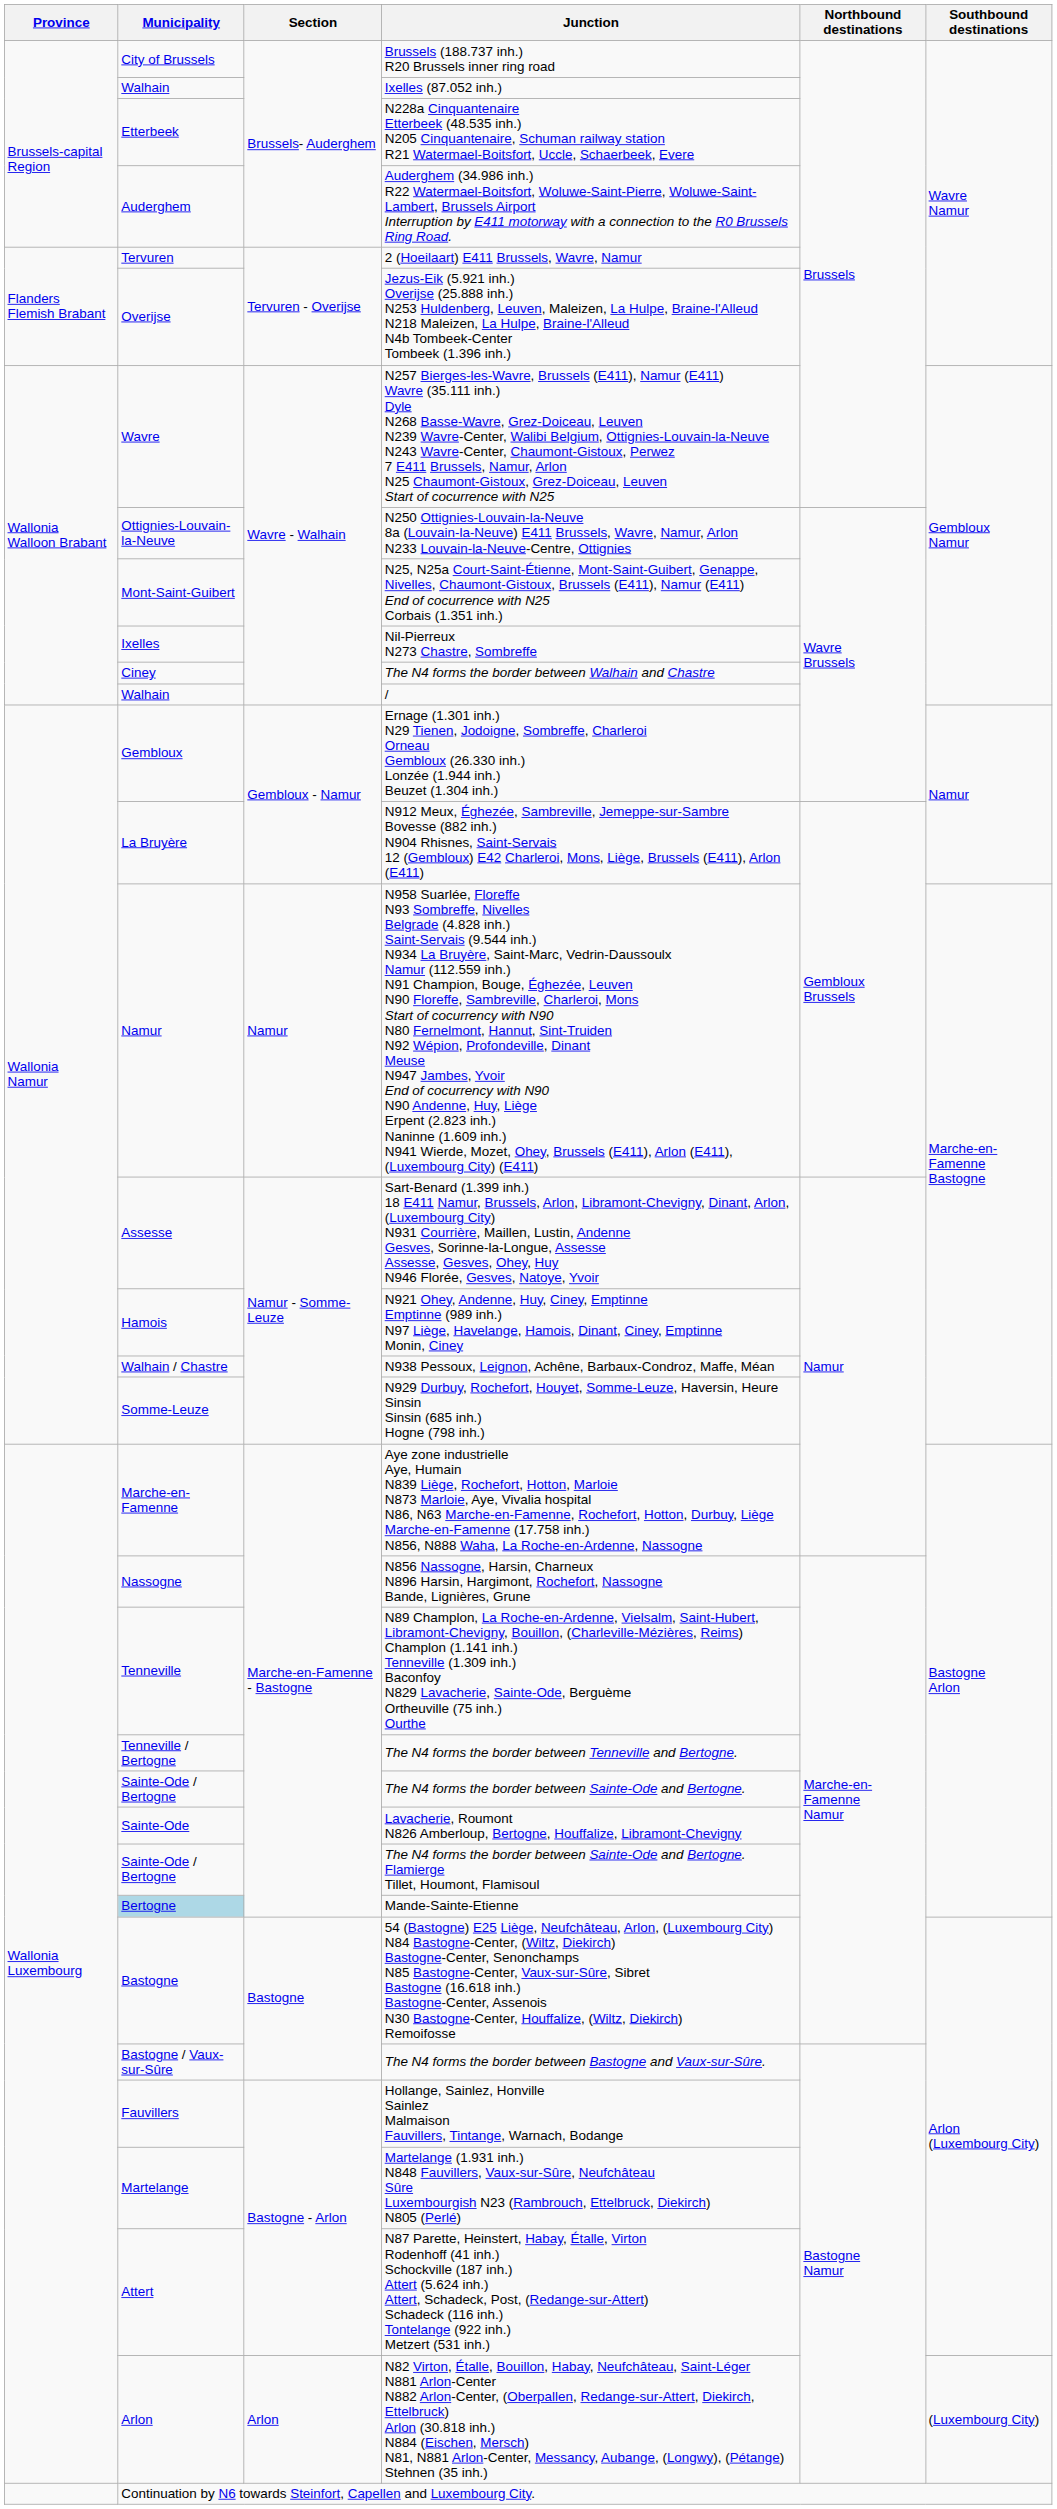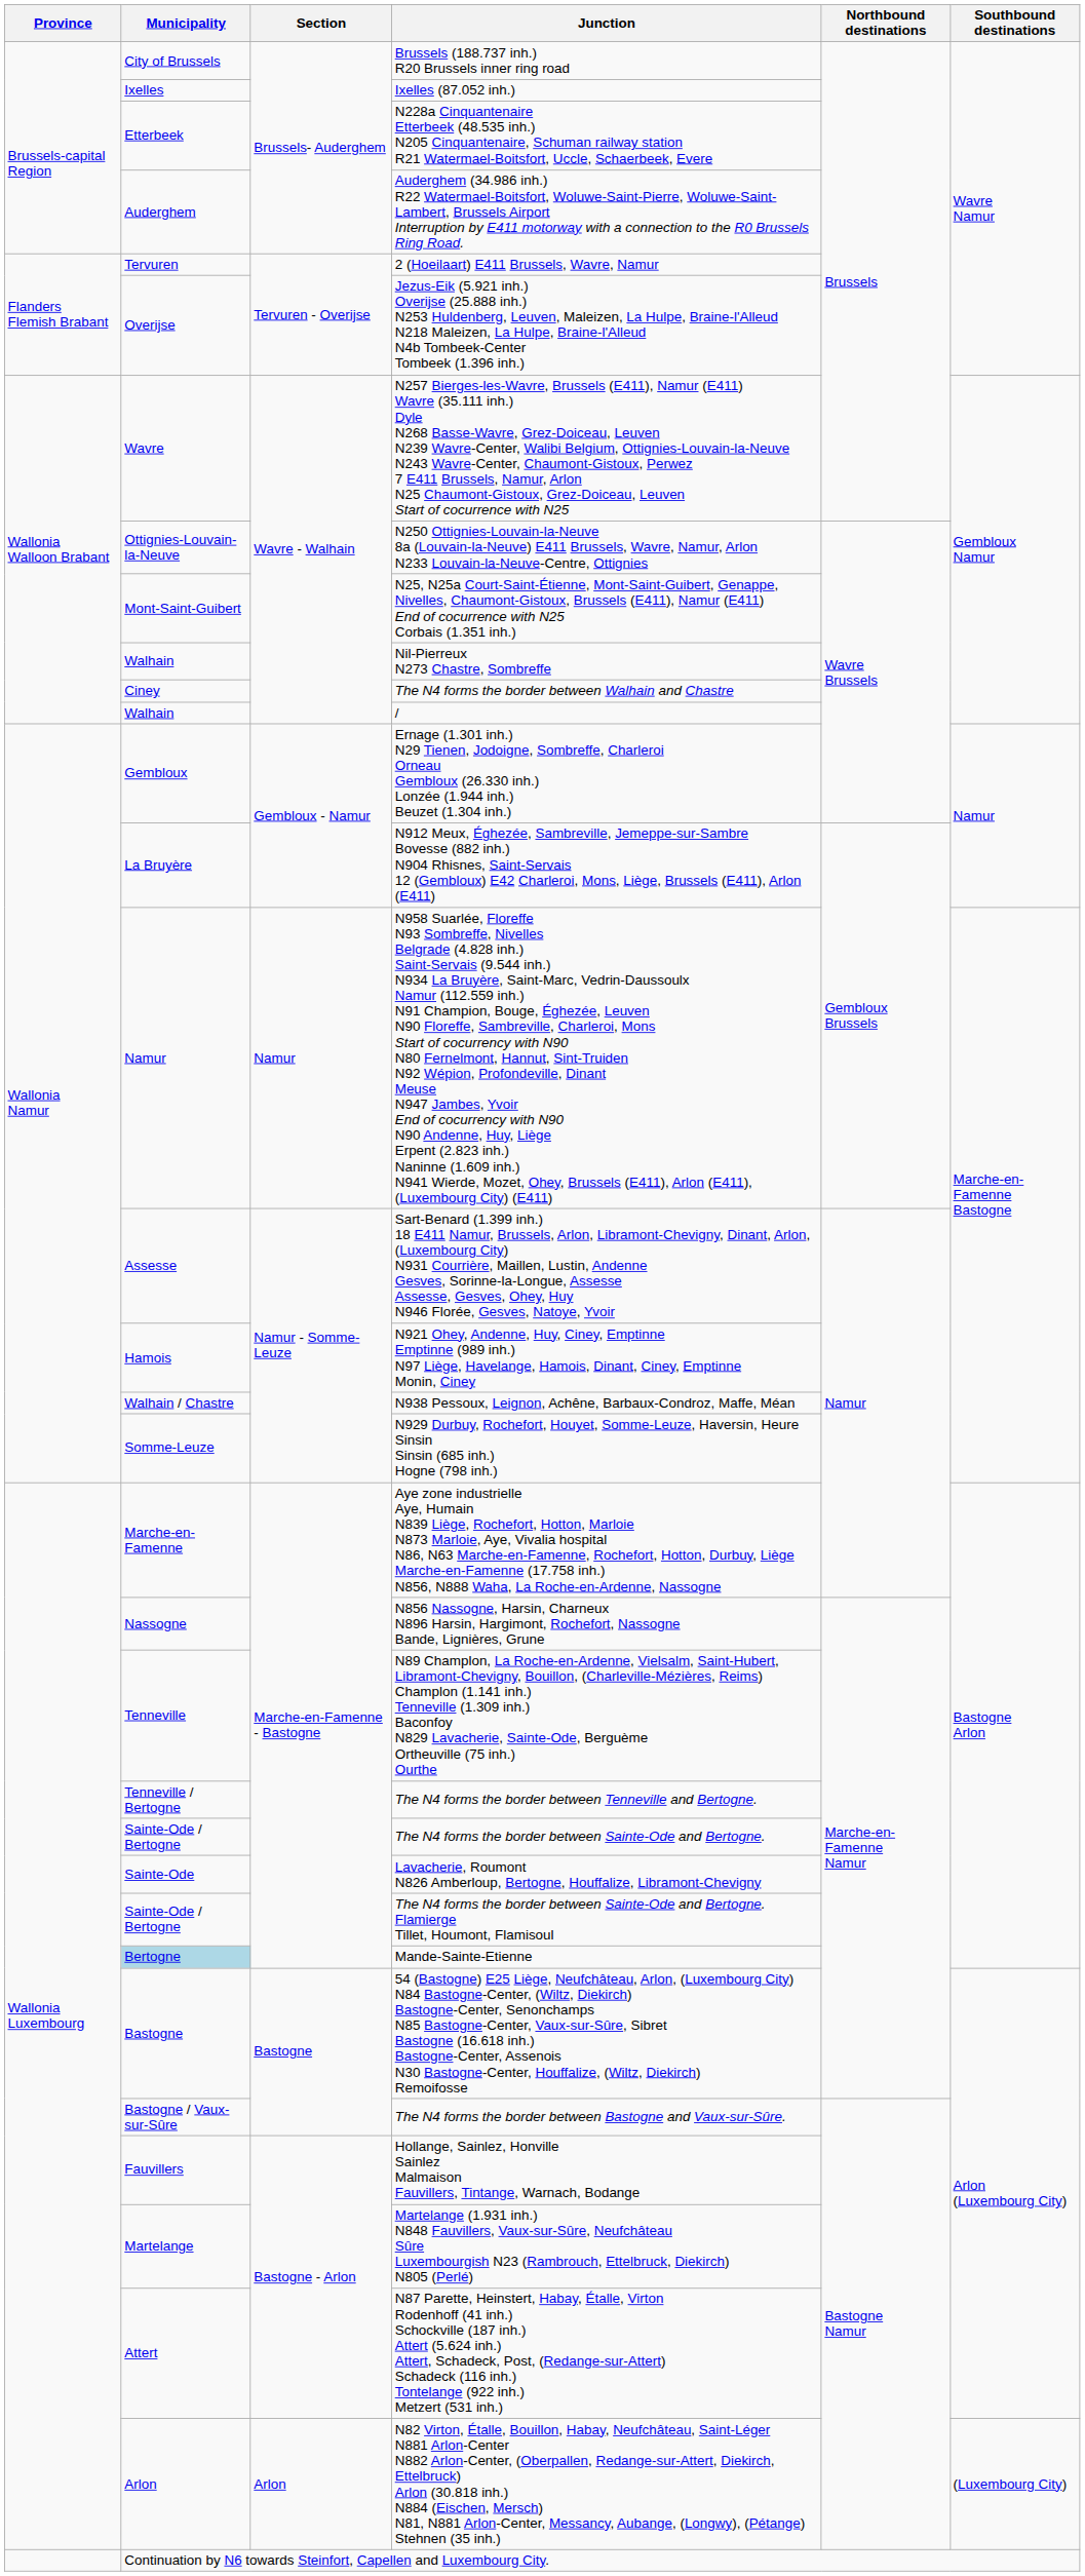 <table class="wikitable">
 <tr>
 <th><a href='#'>Province</a></th>
 <th><a href='#'>Municipality</a></th>
 <th>Section</th>
 <th>Junction</th>
 <th>Northbound destinations</th>
 <th>Southbound destinations</th>
 </tr>
 <tr>
 <td rowspan="4"><br><br><a href='#'>Brussels-capital Region</a></td>
 <td><a href='#'>City of Brussels</a></td>
 <td rowspan="4"><a href='#'>Brussels</a>- <a href='#'>Auderghem</a></td>
 <td> <a href='#'>Brussels</a>  (188.737 inh.)<br> R20 Brussels inner ring road</td>
 <td rowspan="7"><a href='#'>Brussels</a></td>
 <td rowspan="6"><a href='#'>Wavre</a><br><a href='#'>Namur</a></td>
 </tr>
 <tr>
-<td><a href='#'>Walhain</a></td>
+<td><a href='#'>Ixelles</a></td>
 <td> <a href='#'>Ixelles</a> (87.052 inh.)</td>
 </tr>
 <tr>
 <td><a href='#'>Etterbeek</a></td>
 <td> N228a <a href='#'>Cinquantenaire</a><br> <a href='#'>Etterbeek</a> (48.535 inh.)<br> N205 <a href='#'>Cinquantenaire</a>, <a href='#'>Schuman railway station</a><br> R21 <a href='#'>Watermael-Boitsfort</a>, <a href='#'>Uccle</a>, <a href='#'>Schaerbeek</a>, <a href='#'>Evere</a></td>
 </tr>
 <tr>
 <td><a href='#'>Auderghem</a></td>
 <td> <a href='#'>Auderghem</a> (34.986 inh.)<br> R22 <a href='#'>Watermael-Boitsfort</a>, <a href='#'>Woluwe-Saint-Pierre</a>, <a href='#'>Woluwe-Saint-Lambert</a>, <a href='#'>Brussels Airport</a><br><em>Interruption by <a href='#'>E411 motorway</a> with a connection to the <a href='#'>R0 Brussels Ring Road</a>.</em></td>
 </tr>
 <tr>
 <td rowspan="2"><a href='#'>Flanders</a><br><a href='#'>Flemish Brabant</a></td>
 <td><a href='#'>Tervuren</a></td>
 <td rowspan="2"><a href='#'>Tervuren</a> - <a href='#'>Overijse</a></td>
 <td> 2 (<a href='#'>Hoeilaart</a>) <a href='#'>E411</a> <a href='#'>Brussels</a>, <a href='#'>Wavre</a>, <a href='#'>Namur</a></td>
 </tr>
 <tr>
 <td><a href='#'>Overijse</a></td>
 <td> <a href='#'>Jezus-Eik</a> (5.921 inh.)<br> <a href='#'>Overijse</a> (25.888 inh.)<br> N253 <a href='#'>Huldenberg</a>, <a href='#'>Leuven</a>, Maleizen, <a href='#'>La Hulpe</a>, <a href='#'>Braine-l'Alleud</a><br> N218 Maleizen, <a href='#'>La Hulpe</a>, <a href='#'>Braine-l'Alleud</a><br> N4b Tombeek-Center<br> Tombeek (1.396 inh.)</td>
 </tr>
 <tr>
 <td rowspan="6"><a href='#'>Wallonia</a><br><a href='#'>Walloon Brabant</a></td>
 <td><a href='#'>Wavre</a></td>
 <td rowspan="6"><a href='#'>Wavre</a> - <a href='#'>Walhain</a></td>
 <td> N257 <a href='#'>Bierges-les-Wavre</a>, <a href='#'>Brussels</a> (<a href='#'>E411</a>), <a href='#'>Namur</a> (<a href='#'>E411</a>)<br> <a href='#'>Wavre</a> (35.111 inh.)<br> <a href='#'>Dyle</a><br> N268 <a href='#'>Basse-Wavre</a>, <a href='#'>Grez-Doiceau</a>, <a href='#'>Leuven</a><br> N239 <a href='#'>Wavre</a>-Center, <a href='#'>Walibi Belgium</a>, <a href='#'>Ottignies-Louvain-la-Neuve</a><br> N243 <a href='#'>Wavre</a>-Center, <a href='#'>Chaumont-Gistoux</a>, <a href='#'>Perwez</a><br> 7 <a href='#'>E411</a> <a href='#'>Brussels</a>, <a href='#'>Namur</a>, <a href='#'>Arlon</a><br> N25 <a href='#'>Chaumont-Gistoux</a>, <a href='#'>Grez-Doiceau</a>, <a href='#'>Leuven</a><br><em>Start of cocurrence with N25</em></td>
 <td rowspan="6"><a href='#'>Gembloux</a><br><a href='#'>Namur</a></td>
 </tr>
 <tr>
 <td><a href='#'>Ottignies-Louvain-la-Neuve</a></td>
 <td> N250 <a href='#'>Ottignies-Louvain-la-Neuve</a><br> 8a (<a href='#'>Louvain-la-Neuve</a>) <a href='#'>E411</a> <a href='#'>Brussels</a>, <a href='#'>Wavre</a>, <a href='#'>Namur</a>, <a href='#'>Arlon</a><br> N233 <a href='#'>Louvain-la-Neuve</a>-Centre, <a href='#'>Ottignies</a></td>
 <td rowspan="6"><a href='#'>Wavre</a><br><a href='#'>Brussels</a></td>
 </tr>
 <tr>
 <td><a href='#'>Mont-Saint-Guibert</a></td>
 <td> N25, N25a <a href='#'>Court-Saint-Étienne</a>, <a href='#'>Mont-Saint-Guibert</a>, <a href='#'>Genappe</a>, <a href='#'>Nivelles</a>, <a href='#'>Chaumont-Gistoux</a>, <a href='#'>Brussels</a> (<a href='#'>E411</a>), <a href='#'>Namur</a> (<a href='#'>E411</a>)<br><em>End of cocurrence with N25</em><br> Corbais (1.351 inh.)</td>
 </tr>
 <tr>
-<td><a href='#'>Ixelles</a></td>
+<td><a href='#'>Walhain</a></td>
 <td> Nil-Pierreux<br> N273 <a href='#'>Chastre</a>, <a href='#'>Sombreffe</a></td>
 </tr>
 <tr>
 <td><a href='#'>Ciney</a></td>
 <td><em>The N4 forms the border between <a href='#'>Walhain</a> and <a href='#'>Chastre</a></em></td>
 </tr>
 <tr>
 <td><a href='#'>Walhain</a></td>
 <td>/</td>
 </tr>
 <tr>
 <td rowspan="7"><a href='#'>Wallonia</a><br><a href='#'>Namur</a></td>
 <td><a href='#'>Gembloux</a></td>
 <td rowspan="2"><a href='#'>Gembloux</a> - <a href='#'>Namur</a></td>
 <td> Ernage (1.301 inh.)<br> N29 <a href='#'>Tienen</a>, <a href='#'>Jodoigne</a>, <a href='#'>Sombreffe</a>, <a href='#'>Charleroi</a><br> <a href='#'>Orneau</a><br> <a href='#'>Gembloux</a> (26.330 inh.)<br> Lonzée (1.944 inh.)<br> Beuzet (1.304 inh.)</td>
 <td rowspan="2"><a href='#'>Namur</a></td>
 </tr>
 <tr>
 <td><a href='#'>La Bruyère</a></td>
 <td> N912 Meux, <a href='#'>Éghezée</a>, <a href='#'>Sambreville</a>, <a href='#'>Jemeppe-sur-Sambre</a><br> Bovesse (882 inh.)<br> N904 Rhisnes, <a href='#'>Saint-Servais</a><br> 12 (<a href='#'>Gembloux</a>) <a href='#'>E42</a> <a href='#'>Charleroi</a>, <a href='#'>Mons</a>, <a href='#'>Liège</a>, <a href='#'>Brussels</a> (<a href='#'>E411</a>), <a href='#'>Arlon</a> (<a href='#'>E411</a>)</td>
 <td rowspan="2"><a href='#'>Gembloux</a><br><a href='#'>Brussels</a></td>
 </tr>
 <tr>
 <td><a href='#'>Namur</a></td>
 <td><a href='#'>Namur</a></td>
 <td> N958 Suarlée, <a href='#'>Floreffe</a><br> N93 <a href='#'>Sombreffe</a>, <a href='#'>Nivelles</a><br> <a href='#'>Belgrade</a> (4.828 inh.)<br> <a href='#'>Saint-Servais</a> (9.544 inh.)<br> N934 <a href='#'>La Bruyère</a>, Saint-Marc, Vedrin-Daussoulx<br> <a href='#'>Namur</a> (112.559 inh.)<br> N91 Champion, Bouge, <a href='#'>Éghezée</a>, <a href='#'>Leuven</a><br> N90 <a href='#'>Floreffe</a>, <a href='#'>Sambreville</a>, <a href='#'>Charleroi</a>, <a href='#'>Mons</a><br><em>Start of cocurrency with N90</em><br> N80 <a href='#'>Fernelmont</a>, <a href='#'>Hannut</a>, <a href='#'>Sint-Truiden</a><br> N92 <a href='#'>Wépion</a>, <a href='#'>Profondeville</a>, <a href='#'>Dinant</a><br> <a href='#'>Meuse</a><br> N947 <a href='#'>Jambes</a>, <a href='#'>Yvoir</a><br><em>End of cocurrency with N90</em><br> N90 <a href='#'>Andenne</a>, <a href='#'>Huy</a>, <a href='#'>Liège</a><br> Erpent (2.823 inh.)<br> Naninne (1.609 inh.)<br> N941 Wierde, Mozet, <a href='#'>Ohey</a>, <a href='#'>Brussels</a> (<a href='#'>E411</a>), <a href='#'>Arlon</a> (<a href='#'>E411</a>),  (<a href='#'>Luxembourg City</a>) (<a href='#'>E411</a>)</td>
 <td rowspan="5"><a href='#'>Marche-en-Famenne</a><br><a href='#'>Bastogne</a></td>
 </tr>
 <tr>
 <td><a href='#'>Assesse</a></td>
 <td rowspan="4"><a href='#'>Namur</a> - <a href='#'>Somme-Leuze</a></td>
 <td> Sart-Benard (1.399 inh.)<br> 18 <a href='#'>E411</a> <a href='#'>Namur</a>, <a href='#'>Brussels</a>, <a href='#'>Arlon</a>, <a href='#'>Libramont-Chevigny</a>, <a href='#'>Dinant</a>, <a href='#'>Arlon</a>, (<a href='#'>Luxembourg City</a>)<br> N931 <a href='#'>Courrière</a>, Maillen, Lustin, <a href='#'>Andenne</a><br> <a href='#'>Gesves</a>, Sorinne-la-Longue, <a href='#'>Assesse</a><br> <a href='#'>Assesse</a>, <a href='#'>Gesves</a>, <a href='#'>Ohey</a>, <a href='#'>Huy</a><br> N946 Florée, <a href='#'>Gesves</a>, <a href='#'>Natoye</a>, <a href='#'>Yvoir</a></td>
 <td rowspan="5"><a href='#'>Namur</a></td>
 </tr>
 <tr>
 <td><a href='#'>Hamois</a></td>
 <td> N921 <a href='#'>Ohey</a>, <a href='#'>Andenne</a>, <a href='#'>Huy</a>, <a href='#'>Ciney</a>, <a href='#'>Emptinne</a><br> <a href='#'>Emptinne</a> (989 inh.)<br> N97 <a href='#'>Liège</a>, <a href='#'>Havelange</a>, <a href='#'>Hamois</a>, <a href='#'>Dinant</a>, <a href='#'>Ciney</a>, <a href='#'>Emptinne</a><br> Monin, <a href='#'>Ciney</a></td>
 </tr>
 <tr>
 <td><a href='#'>Walhain</a> / <a href='#'>Chastre</a></td>
 <td> N938 Pessoux, <a href='#'>Leignon</a>, Achêne, Barbaux-Condroz, Maffe, Méan</td>
 </tr>
 <tr>
 <td><a href='#'>Somme-Leuze</a></td>
 <td> N929 <a href='#'>Durbuy</a>, <a href='#'>Rochefort</a>, <a href='#'>Houyet</a>, <a href='#'>Somme-Leuze</a>, Haversin, Heure<br> Sinsin<br> Sinsin (685 inh.)<br> Hogne (798 inh.)</td>
 </tr>
 <tr>
 <td rowspan="14"><a href='#'>Wallonia</a><br><a href='#'>Luxembourg</a></td>
 <td><a href='#'>Marche-en-Famenne</a></td>
 <td rowspan="8"><a href='#'>Marche-en-Famenne</a> - <a href='#'>Bastogne</a></td>
 <td> Aye zone industrielle<br> Aye, Humain<br> N839 <a href='#'>Liège</a>, <a href='#'>Rochefort</a>, <a href='#'>Hotton</a>, <a href='#'>Marloie</a><br> N873 <a href='#'>Marloie</a>, Aye, Vivalia hospital<br> N86, N63 <a href='#'>Marche-en-Famenne</a>, <a href='#'>Rochefort</a>, <a href='#'>Hotton</a>, <a href='#'>Durbuy</a>, <a href='#'>Liège</a><br> <a href='#'>Marche-en-Famenne</a> (17.758 inh.)<br> N856, N888 <a href='#'>Waha</a>, <a href='#'>La Roche-en-Ardenne</a>, <a href='#'>Nassogne</a></td>
 <td rowspan="8"><a href='#'>Bastogne</a><br><a href='#'>Arlon</a></td>
 </tr>
 <tr>
 <td><a href='#'>Nassogne</a></td>
 <td> N856 <a href='#'>Nassogne</a>, Harsin, Charneux<br> N896 Harsin, Hargimont, <a href='#'>Rochefort</a>, <a href='#'>Nassogne</a><br> Bande, Lignières, Grune</td>
 <td rowspan="8"><a href='#'>Marche-en-Famenne</a><br><a href='#'>Namur</a></td>
 </tr>
 <tr>
 <td><a href='#'>Tenneville</a></td>
 <td> N89 Champlon, <a href='#'>La Roche-en-Ardenne</a>, <a href='#'>Vielsalm</a>, <a href='#'>Saint-Hubert</a>, <a href='#'>Libramont-Chevigny</a>, <a href='#'>Bouillon</a>, (<a href='#'>Charleville-Mézières</a>, <a href='#'>Reims</a>)<br> Champlon (1.141 inh.)<br> <a href='#'>Tenneville</a> (1.309 inh.)<br> Baconfoy<br> N829 <a href='#'>Lavacherie</a>, <a href='#'>Sainte-Ode</a>, Berguème<br> Ortheuville (75 inh.)<br> <a href='#'>Ourthe</a></td>
 </tr>
 <tr>
 <td><a href='#'>Tenneville</a> / <a href='#'>Bertogne</a></td>
 <td><em>The N4 forms the border between <a href='#'>Tenneville</a> and <a href='#'>Bertogne</a>.</em></td>
 </tr>
 <tr>
 <td><a href='#'>Sainte-Ode</a> / <a href='#'>Bertogne</a></td>
 <td><em>The N4 forms the border between <a href='#'>Sainte-Ode</a> and <a href='#'>Bertogne</a>.</em></td>
 </tr>
 <tr>
 <td><a href='#'>Sainte-Ode</a></td>
 <td> <a href='#'>Lavacherie</a>, Roumont<br> N826 Amberloup, <a href='#'>Bertogne</a>, <a href='#'>Houffalize</a>, <a href='#'>Libramont-Chevigny</a></td>
 </tr>
 <tr>
 <td><a href='#'>Sainte-Ode</a> / <a href='#'>Bertogne</a></td>
 <td><em>The N4 forms the border between <a href='#'>Sainte-Ode</a> and <a href='#'>Bertogne</a>.</em><br> <a href='#'>Flamierge</a><br> Tillet, Houmont, Flamisoul</td>
 </tr>
 <tr>
 <td style="background: lightblue;"><a href='#'>Bertogne</a></td>
 <td> Mande-Sainte-Etienne</td>
 </tr>
 <tr>
 <td><a href='#'>Bastogne</a></td>
 <td rowspan="2"><a href='#'>Bastogne</a></td>
 <td> 54 (<a href='#'>Bastogne</a>) <a href='#'>E25</a> <a href='#'>Liège</a>, <a href='#'>Neufchâteau</a>, <a href='#'>Arlon</a>,  (<a href='#'>Luxembourg City</a>)<br> N84 <a href='#'>Bastogne</a>-Center,  (<a href='#'>Wiltz</a>, <a href='#'>Diekirch</a>)<br> <a href='#'>Bastogne</a>-Center, Senonchamps<br> N85 <a href='#'>Bastogne</a>-Center, <a href='#'>Vaux-sur-Sûre</a>, Sibret<br> <a href='#'>Bastogne</a> (16.618 inh.)<br> <a href='#'>Bastogne</a>-Center, Assenois<br> N30 <a href='#'>Bastogne</a>-Center, <a href='#'>Houffalize</a>,  (<a href='#'>Wiltz</a>, <a href='#'>Diekirch</a>)<br> Remoifosse</td>
 <td rowspan="5"><a href='#'>Arlon</a><br> (<a href='#'>Luxembourg City</a>)</td>
 </tr>
 <tr>
 <td><a href='#'>Bastogne</a> / <a href='#'>Vaux-sur-Sûre</a></td>
 <td><em>The N4 forms the border between <a href='#'>Bastogne</a> and <a href='#'>Vaux-sur-Sûre</a>.</em></td>
 <td rowspan="5"><a href='#'>Bastogne</a><br><a href='#'>Namur</a></td>
 </tr>
 <tr>
 <td><a href='#'>Fauvillers</a></td>
 <td rowspan="3"><a href='#'>Bastogne</a> - <a href='#'>Arlon</a></td>
 <td> Hollange, Sainlez, Honville<br> Sainlez<br> Malmaison<br> <a href='#'>Fauvillers</a>, <a href='#'>Tintange</a>, Warnach, Bodange</td>
 </tr>
 <tr>
 <td><a href='#'>Martelange</a></td>
 <td> <a href='#'>Martelange</a> (1.931 inh.)<br> N848 <a href='#'>Fauvillers</a>, <a href='#'>Vaux-sur-Sûre</a>, <a href='#'>Neufchâteau</a><br> <a href='#'>Sûre</a><br> <a href='#'>Luxembourgish</a> N23  (<a href='#'>Rambrouch</a>, <a href='#'>Ettelbruck</a>, <a href='#'>Diekirch</a>)<br> N805  (<a href='#'>Perlé</a>)</td>
 </tr>
 <tr>
 <td><a href='#'>Attert</a></td>
 <td> N87 Parette, Heinstert, <a href='#'>Habay</a>, <a href='#'>Étalle</a>, <a href='#'>Virton</a><br> Rodenhoff (41 inh.)<br> Schockville (187 inh.)<br> <a href='#'>Attert</a> (5.624 inh.)<br> <a href='#'>Attert</a>, Schadeck, Post,  (<a href='#'>Redange-sur-Attert</a>)<br> Schadeck (116 inh.)<br> <a href='#'>Tontelange</a> (922 inh.)<br> Metzert (531 inh.)</td>
 </tr>
 <tr>
 <td><a href='#'>Arlon</a></td>
 <td><a href='#'>Arlon</a></td>
 <td> N82 <a href='#'>Virton</a>, <a href='#'>Étalle</a>, <a href='#'>Bouillon</a>, <a href='#'>Habay</a>, <a href='#'>Neufchâteau</a>, <a href='#'>Saint-Léger</a><br> N881 <a href='#'>Arlon</a>-Center<br> N882 <a href='#'>Arlon</a>-Center,  (<a href='#'>Oberpallen</a>, <a href='#'>Redange-sur-Attert</a>, <a href='#'>Diekirch</a>, <a href='#'>Ettelbruck</a>)<br> <a href='#'>Arlon</a> (30.818 inh.)<br> N884  (<a href='#'>Eischen</a>, <a href='#'>Mersch</a>)<br> N81, N881 <a href='#'>Arlon</a>-Center, <a href='#'>Messancy</a>, <a href='#'>Aubange</a>,  (<a href='#'>Longwy</a>),  (<a href='#'>Pétange</a>)<br> Stehnen (35 inh.)</td>
 <td> (<a href='#'>Luxembourg City</a>)</td>
 </tr>
 <tr>
 <td></td>
 <td colspan="5">Continuation by <a href='#'>N6</a> towards <a href='#'>Steinfort</a>, <a href='#'>Capellen</a> and <a href='#'>Luxembourg City</a>.</td>
 </tr>
 </table>
